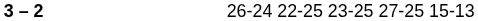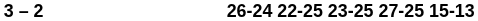 <table width=100% cellspacing=1>
 <tr>
 <th width=20%></th>
 <th width=12%></th>
 <th width=20%></th>
 <th width=33%></th>
 <td></td>
 </tr>
 <tr style=font-size:90%>
 <td align=right><strong></strong></td>
 <td align=center><strong>3 – 2</strong></td>
 <td></td>
-<td>26-24 22-25 23-25 27-25 15-13</td>
+<td><strong>26-24 22-25 23-25 27-25 15-13</strong></td>
 </tr>
 </table>
